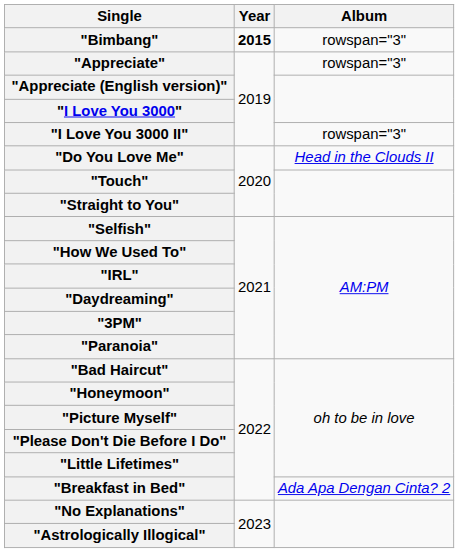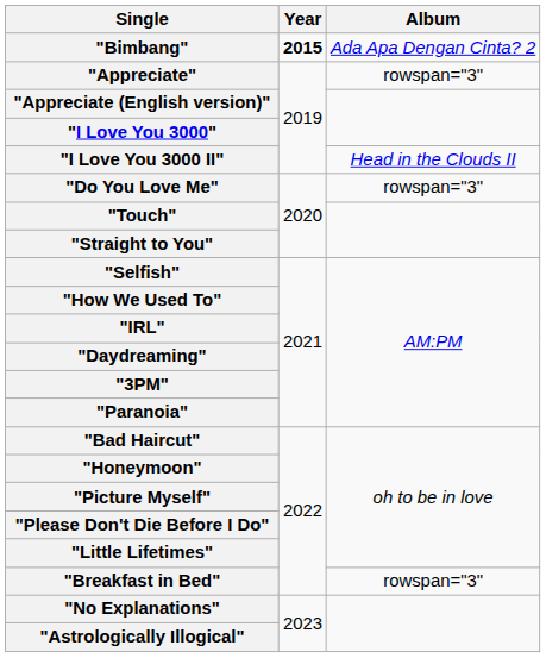 <table class="wikitable mw-collapsible plainrowheaders" style="text-align:center;">
 <tr>
 <th scope="col" style="width:15em;">Single</th>
 <th scope="col">Year</th>
 <th scope="col">Album</th>
 </tr>
 <tr>
 <th scope="row">"Bimbang"</th>
 <td><strong>2015</strong></td>
-<td>rowspan="3" </td>
+<td><em><a href='#'>Ada Apa Dengan Cinta? 2</a></em></td>
 </tr>
 <tr>
 <th scope="row">"Appreciate"</th>
 <td rowspan="4">2019</td>
 <td>rowspan="3" </td>
 </tr>
 <tr>
 <th scope="row">"Appreciate (English version)"</th>
 </tr>
 <tr>
 <th scope="row">"<a href='#'>I Love You 3000</a>"</th>
 </tr>
 <tr>
 <th scope="row">"I Love You 3000 II"</th>
-<td>rowspan="3" </td>
+<td><em><a href='#'>Head in the Clouds II</a></em></td>
 </tr>
 <tr>
 <th scope="row">"Do You Love Me"</th>
 <td rowspan="3">2020</td>
-<td><em><a href='#'>Head in the Clouds II</a></em></td>
+<td>rowspan="3" </td>
 </tr>
 <tr>
 <th scope="row">"Touch"</th>
 </tr>
 <tr>
 <th scope="row">"Straight to You"</th>
 </tr>
 <tr>
 <th scope="row">"Selfish"</th>
 <td rowspan="6">2021</td>
 <td rowspan="6"><em><a href='#'>AM:PM</a></em></td>
 </tr>
 <tr>
 <th scope="row">"How We Used To"</th>
 </tr>
 <tr>
 <th scope="row">"IRL"</th>
 </tr>
 <tr>
 <th scope="row">"Daydreaming"</th>
 </tr>
 <tr>
 <th scope="row">"3PM"</th>
 </tr>
 <tr>
 <th scope="row">"Paranoia"</th>
 </tr>
 <tr>
 <th scope="row">"Bad Haircut"<br></th>
 <td rowspan="6">2022</td>
 <td rowspan="5"><em>oh to be in love</em></td>
 </tr>
 <tr>
 <th scope="row">"Honeymoon"</th>
 </tr>
 <tr>
 <th scope="row">"Picture Myself"</th>
 </tr>
 <tr>
 <th scope="row">"Please Don't Die Before I Do"</th>
 </tr>
 <tr>
 <th scope="row">"Little Lifetimes"</th>
 </tr>
 <tr>
 <th scope="row">"Breakfast in Bed"<br></th>
-<td><em><a href='#'>Ada Apa Dengan Cinta? 2</a></em></td>
+<td>rowspan="3" </td>
 </tr>
 <tr>
 <th scope="row">"No Explanations"<br></th>
 <td rowspan="2">2023</td>
 </tr>
 <tr>
 <th scope="row">"Astrologically Illogical"</th>
 </tr>
 </table>
